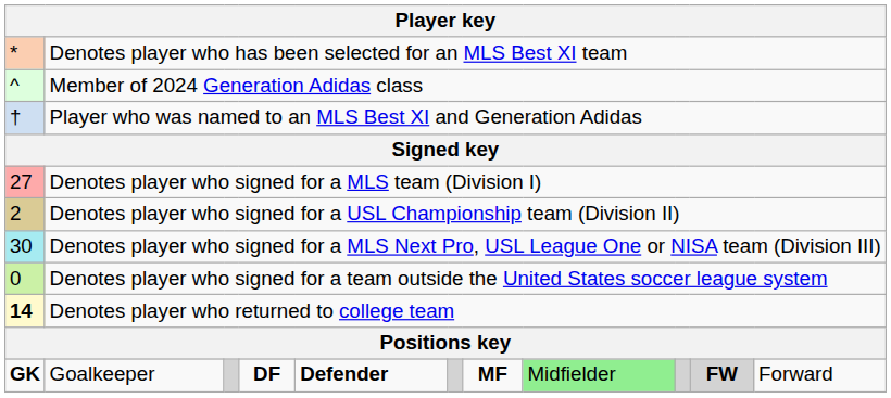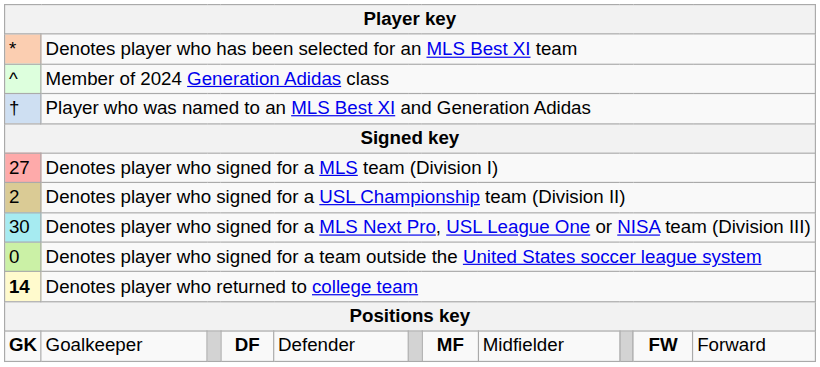 <table class="wikitable">
 <tr>
 <th colspan="11">Player key</th>
 </tr>
 <tr>
 <td scope="row" style="background:#FBCEB1;">*</td>
 <td colspan="11">Denotes player who has been selected for an <a href='#'>MLS Best XI</a> team</td>
 </tr>
 <tr>
 <td scope="row" style="background:#ddffdd;">^</td>
 <td colspan="11">Member of 2024 <a href='#'>Generation Adidas</a> class</td>
 </tr>
 <tr>
 <td scope="row" style="background:#cedff2;">†</td>
 <td colspan="11">Player who was named to an <a href='#'>MLS Best XI</a> and Generation Adidas</td>
 </tr>
 <tr>
 <th colspan="11">Signed key</th>
 </tr>
 <tr>
 <td scope="row" style="background:#FEAAAA;">27</td>
 <td colspan="11">Denotes player who signed for a <a href='#'>MLS</a> team (Division I)</td>
 </tr>
 <tr>
 <td scope="row" style="background:#DACB95;">2</td>
 <td colspan="11">Denotes player who signed for a <a href='#'>USL Championship</a> team (Division II)</td>
 </tr>
 <tr>
 <td scope="row" style="background:#A6EBF1;">30</td>
 <td colspan="11">Denotes player who signed for a <a href='#'>MLS Next Pro</a>, <a href='#'>USL League One</a> or <a href='#'>NISA</a> team (Division III)</td>
 </tr>
 <tr>
 <td scope="row" style="background:#CBF1A6;">0</td>
 <td colspan="11">Denotes player who signed for a team outside the <a href='#'>United States soccer league system</a></td>
 </tr>
 <tr>
 <td scope="row" style="background:#FFFACD;"><strong>14</strong></td>
 <td colspan="11">Denotes player who returned to <a href='#'>college team</a></td>
 </tr>
 <tr>
 <th colspan="11">Positions key</th>
 </tr>
 <tr>
 <td style="text-align:center;"><strong>GK</strong></td>
 <td style="text-align:left;">Goalkeeper</td>
 <td style="background-color:lightgrey;"></td>
 <td style="text-align:center;"><strong>DF</strong></td>
-<td style="text-align:left;"><strong>Defender</strong></td>
+<td style="text-align:left;">Defender</td>
 <td style="background-color:lightgrey;"></td>
 <td style="text-align:center;"><strong>MF</strong></td>
-<td style="background: lightgreen; text-align:left;">Midfielder</td>
+<td style="text-align:left;">Midfielder</td>
 <td style="background-color:lightgrey;"></td>
-<td style="background: lightgrey; text-align:center;"><strong>FW</strong></td>
+<td style="text-align:center;"><strong>FW</strong></td>
 <td style="text-align:left;">Forward</td>
 </tr>
 </table>
